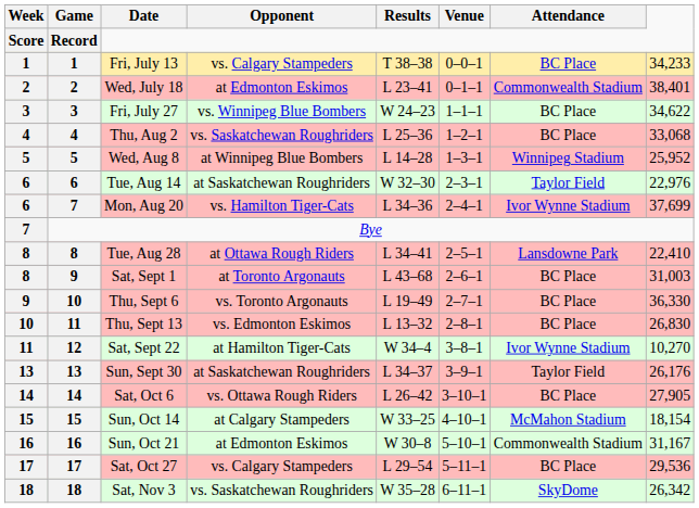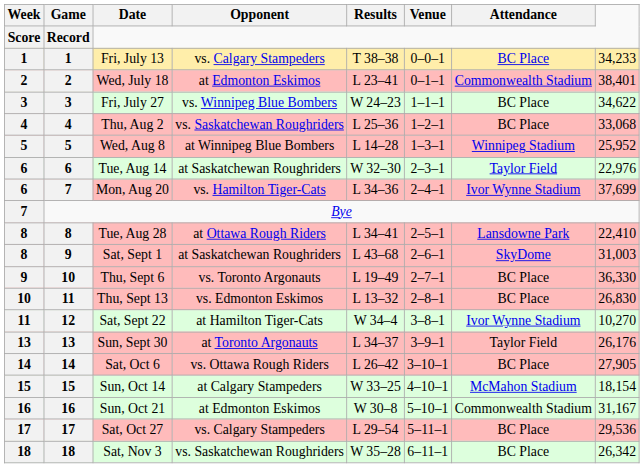 <table class="wikitable" style="text-align:center">
 <tr>
 <th>Week</th>
 <th>Game</th>
 <th>Date</th>
 <th>Opponent</th>
 <th>Results</th>
 <th>Venue</th>
 <th>Attendance</th>
 </tr>
 <tr>
 <th>Score</th>
 <th>Record</th>
 </tr>
 <tr style="background:#ffeeaa">
 <th>1</th>
 <th>1</th>
 <td>Fri, July 13</td>
 <td>vs. <a href='#'>Calgary Stampeders</a></td>
 <td>T 38–38</td>
 <td>0–0–1</td>
 <td><a href='#'>BC Place</a></td>
 <td>34,233</td>
 </tr>
 <tr style="background:#ffbbbb">
 <th>2</th>
 <th>2</th>
 <td>Wed, July 18</td>
 <td>at <a href='#'>Edmonton Eskimos</a></td>
 <td>L 23–41</td>
 <td>0–1–1</td>
 <td><a href='#'>Commonwealth Stadium</a></td>
 <td>38,401</td>
 </tr>
 <tr style="background:#ddffdd">
 <th>3</th>
 <th>3</th>
 <td>Fri, July 27</td>
 <td>vs. <a href='#'>Winnipeg Blue Bombers</a></td>
 <td>W 24–23</td>
 <td>1–1–1</td>
 <td>BC Place</td>
 <td>34,622</td>
 </tr>
 <tr style="background:#ffbbbb">
 <th>4</th>
 <th>4</th>
 <td>Thu, Aug 2</td>
 <td>vs. <a href='#'>Saskatchewan Roughriders</a></td>
 <td>L 25–36</td>
 <td>1–2–1</td>
 <td>BC Place</td>
 <td>33,068</td>
 </tr>
 <tr style="background:#ffbbbb">
 <th>5</th>
 <th>5</th>
 <td>Wed, Aug 8</td>
 <td>at Winnipeg Blue Bombers</td>
 <td>L 14–28</td>
 <td>1–3–1</td>
 <td><a href='#'>Winnipeg Stadium</a></td>
 <td>25,952</td>
 </tr>
 <tr style="background:#ddffdd">
 <th>6</th>
 <th>6</th>
 <td>Tue, Aug 14</td>
 <td>at Saskatchewan Roughriders</td>
 <td>W 32–30</td>
 <td>2–3–1</td>
 <td><a href='#'>Taylor Field</a></td>
 <td>22,976</td>
 </tr>
 <tr style="background:#ffbbbb">
 <th>6</th>
 <th>7</th>
 <td>Mon, Aug 20</td>
 <td>vs. <a href='#'>Hamilton Tiger-Cats</a></td>
 <td>L 34–36</td>
 <td>2–4–1</td>
 <td><a href='#'>Ivor Wynne Stadium</a></td>
 <td>37,699</td>
 </tr>
 <tr>
 <th>7</th>
 <td colspan=7><em><a href='#'>Bye</a></em></td>
 </tr>
 <tr style="background:#ffbbbb">
 <th>8</th>
 <th>8</th>
 <td>Tue, Aug 28</td>
 <td>at <a href='#'>Ottawa Rough Riders</a></td>
 <td>L 34–41</td>
 <td>2–5–1</td>
 <td><a href='#'>Lansdowne Park</a></td>
 <td>22,410</td>
 </tr>
 <tr style="background:#ffbbbb">
 <th>8</th>
 <th>9</th>
 <td>Sat, Sept 1</td>
-<td>at <a href='#'>Toronto Argonauts</a></td>
+<td>at Saskatchewan Roughriders</td>
 <td>L 43–68</td>
 <td>2–6–1</td>
-<td>BC Place</td>
+<td><a href='#'>SkyDome</a></td>
 <td>31,003</td>
 </tr>
 <tr style="background:#ffbbbb">
 <th>9</th>
 <th>10</th>
 <td>Thu, Sept 6</td>
 <td>vs. Toronto Argonauts</td>
 <td>L 19–49</td>
 <td>2–7–1</td>
 <td>BC Place</td>
 <td>36,330</td>
 </tr>
 <tr style="background:#ffbbbb">
 <th>10</th>
 <th>11</th>
 <td>Thu, Sept 13</td>
 <td>vs. Edmonton Eskimos</td>
 <td>L 13–32</td>
 <td>2–8–1</td>
 <td>BC Place</td>
 <td>26,830</td>
 </tr>
 <tr style="background:#ddffdd">
 <th>11</th>
 <th>12</th>
 <td>Sat, Sept 22</td>
 <td>at Hamilton Tiger-Cats</td>
 <td>W 34–4</td>
 <td>3–8–1</td>
 <td><a href='#'>Ivor Wynne Stadium</a></td>
 <td>10,270</td>
 </tr>
 <tr style="background:#ffbbbb">
 <th>13</th>
 <th>13</th>
 <td>Sun, Sept 30</td>
-<td>at Saskatchewan Roughriders</td>
+<td>at <a href='#'>Toronto Argonauts</a></td>
 <td>L 34–37</td>
 <td>3–9–1</td>
 <td>Taylor Field</td>
 <td>26,176</td>
 </tr>
 <tr style="background:#ffbbbb">
 <th>14</th>
 <th>14</th>
 <td>Sat, Oct 6</td>
 <td>vs. Ottawa Rough Riders</td>
 <td>L 26–42</td>
 <td>3–10–1</td>
 <td>BC Place</td>
 <td>27,905</td>
 </tr>
 <tr style="background:#ddffdd">
 <th>15</th>
 <th>15</th>
 <td>Sun, Oct 14</td>
 <td>at Calgary Stampeders</td>
 <td>W 33–25</td>
 <td>4–10–1</td>
 <td><a href='#'>McMahon Stadium</a></td>
 <td>18,154</td>
 </tr>
 <tr style="background:#ddffdd">
 <th>16</th>
 <th>16</th>
 <td>Sun, Oct 21</td>
 <td>at Edmonton Eskimos</td>
 <td>W 30–8</td>
 <td>5–10–1</td>
 <td>Commonwealth Stadium</td>
 <td>31,167</td>
 </tr>
 <tr style="background:#ffbbbb">
 <th>17</th>
 <th>17</th>
 <td>Sat, Oct 27</td>
 <td>vs. Calgary Stampeders</td>
 <td>L 29–54</td>
 <td>5–11–1</td>
 <td>BC Place</td>
 <td>29,536</td>
 </tr>
 <tr style="background:#ddffdd">
 <th>18</th>
 <th>18</th>
 <td>Sat, Nov 3</td>
 <td>vs. Saskatchewan Roughriders</td>
 <td>W 35–28</td>
 <td>6–11–1</td>
-<td><a href='#'>SkyDome</a></td>
+<td>BC Place</td>
 <td>26,342</td>
 </tr>
 </table>
